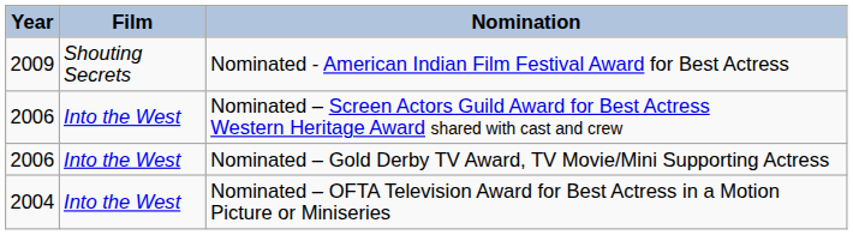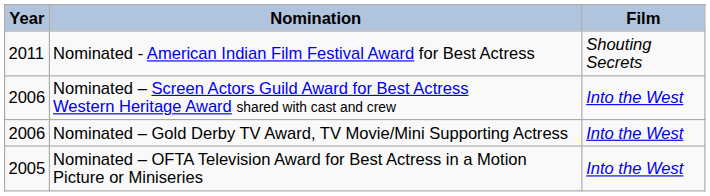 <table class="wikitable" style="font-size:90%">
 <tr style="text-align:center;">
 <th style="background:#B0C4DE;">Year</th>
+<th style="background:#B0C4DE;">Nomination</th>
 <th style="background:#B0C4DE;">Film</th>
-<th style="background:#B0C4DE;">Nomination</th>
 </tr>
 <tr>
-<td>2009</td>
+<td>2011</td>
+<td>Nominated - <a href='#'>American Indian Film Festival Award</a> for Best Actress</td>
 <td><em>Shouting Secrets</em></td>
-<td>Nominated - <a href='#'>American Indian Film Festival Award</a> for Best Actress</td>
 </tr>
 <tr>
 <td>2006</td>
+<td>Nominated – <a href='#'>Screen Actors Guild Award for Best Actress</a><br><a href='#'>Western Heritage Award</a> <small>shared with cast and crew</small></td>
 <td><em><a href='#'>Into the West</a></em></td>
-<td>Nominated – <a href='#'>Screen Actors Guild Award for Best Actress</a><br><a href='#'>Western Heritage Award</a> <small>shared with cast and crew</small></td>
 </tr>
 <tr>
 <td>2006</td>
+<td>Nominated – Gold Derby TV Award, TV Movie/Mini Supporting Actress</td>
 <td><em><a href='#'>Into the West</a></em></td>
-<td>Nominated – Gold Derby TV Award, TV Movie/Mini Supporting Actress</td>
 </tr>
 <tr>
-<td>2004</td>
+<td>2005</td>
+<td>Nominated – OFTA Television Award for Best Actress in a Motion Picture or Miniseries</td>
 <td><em><a href='#'>Into the West</a></em></td>
-<td>Nominated – OFTA Television Award for Best Actress in a Motion Picture or Miniseries</td>
 </tr>
 </table>
